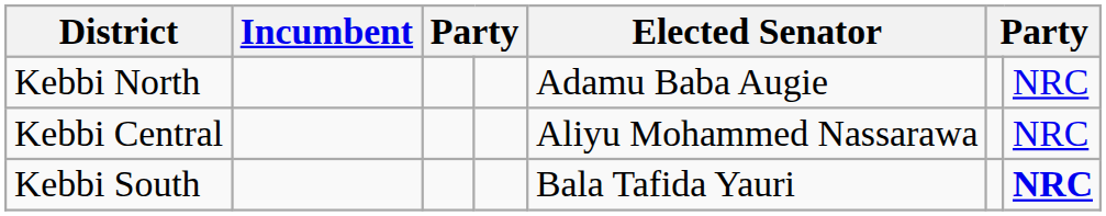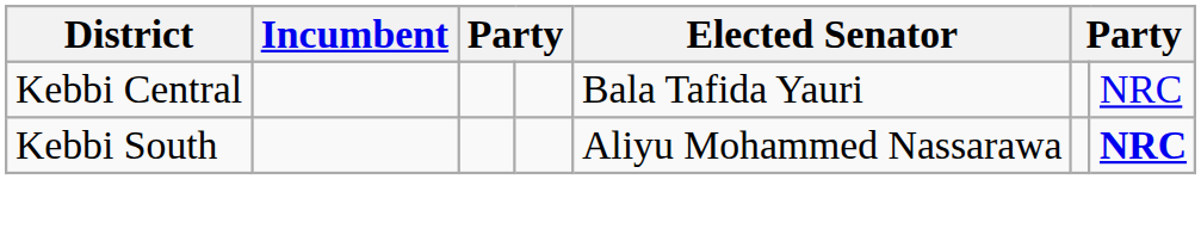 <table class="sortable wikitable" style="font-size:95%;line-height:14px;">
 <tr>
 <th class="unsortable">District</th>
 <th class="unsortable"><a href='#'>Incumbent</a></th>
 <th colspan="2">Party</th>
 <th class="unsortable">Elected Senator</th>
 <th colspan="2">Party</th>
 </tr>
 <tr>
-<td>Kebbi North</td>
-<td></td>
-<td></td>
-<td></td>
-<td>Adamu Baba Augie</td>
-<td style="background:"></td>
-<td><a href='#'>NRC</a></td>
-</tr>
-<tr>
 <td>Kebbi Central</td>
 <td></td>
 <td></td>
 <td></td>
-<td>Aliyu Mohammed Nassarawa</td>
+<td>Bala Tafida Yauri</td>
 <td style="background:"></td>
 <td><a href='#'>NRC</a></td>
 </tr>
 <tr>
 <td>Kebbi South</td>
 <td></td>
 <td></td>
 <td></td>
-<td>Bala Tafida Yauri</td>
+<td>Aliyu Mohammed Nassarawa</td>
 <td style="background:"></td>
 <td><strong><a href='#'>NRC</a></strong></td>
 </tr>
 </table>
